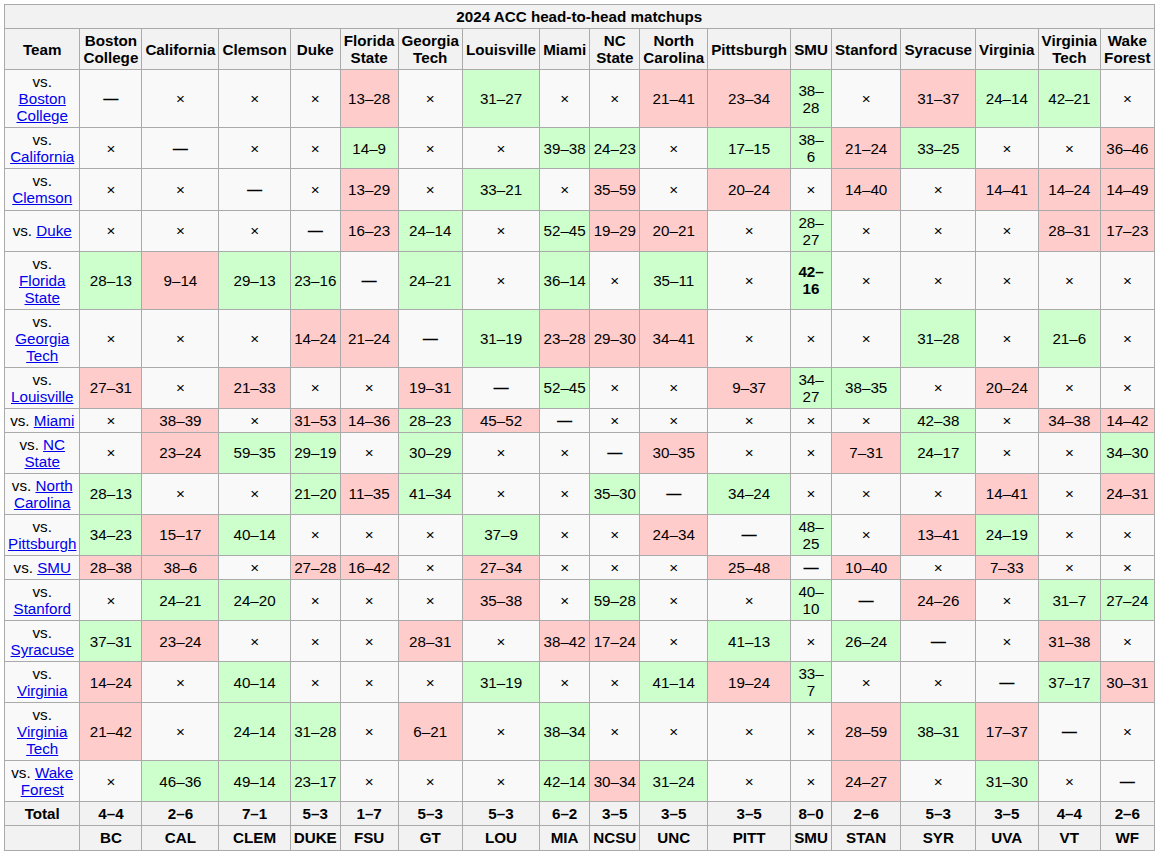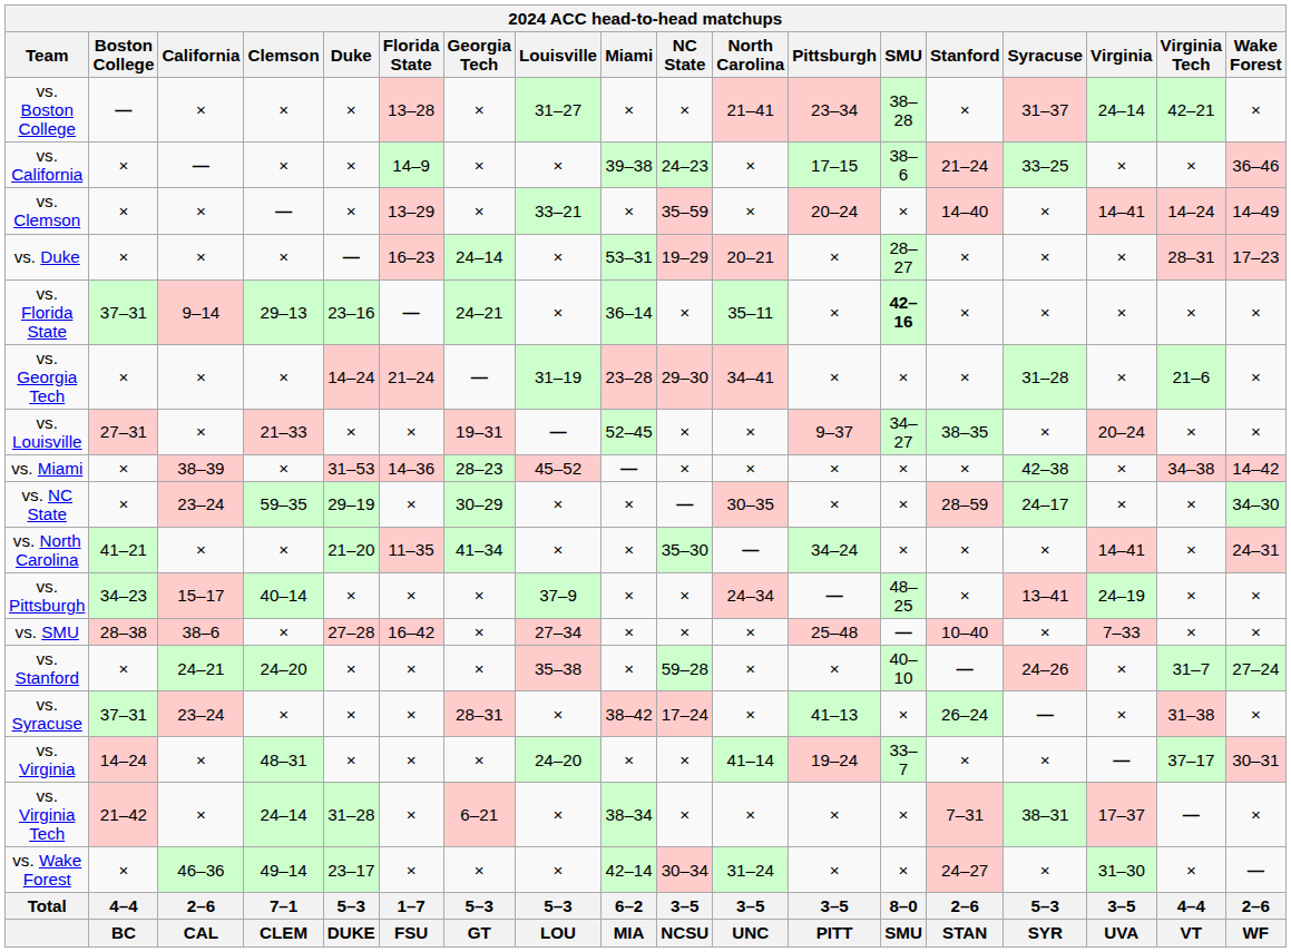 <table class="wikitable" style="font-size:95%; text-align:center;">
 <tr>
 <th colspan=18>2024 ACC head-to-head matchups</th>
 </tr>
 <tr>
 <th style="width:100px;">Team</th>
 <th>Boston College</th>
 <th>California</th>
 <th>Clemson</th>
 <th>Duke</th>
 <th>Florida State</th>
 <th>Georgia Tech</th>
 <th>Louisville</th>
 <th>Miami</th>
 <th>NC State</th>
 <th>North Carolina</th>
 <th>Pittsburgh</th>
 <th>SMU</th>
 <th>Stanford</th>
 <th>Syracuse</th>
 <th>Virginia</th>
 <th>Virginia Tech</th>
 <th>Wake Forest</th>
 </tr>
 <tr>
 <td>vs. <a href='#'>Boston College</a></td>
 <td><strong>—</strong></td>
 <td>×</td>
 <td>×</td>
 <td>×</td>
 <td bgcolor=#fcc>13–28</td>
 <td>×</td>
 <td bgcolor=#cfc>31–27</td>
 <td>×</td>
 <td>×</td>
 <td bgcolor=#fcc>21–41</td>
 <td bgcolor=#fcc>23–34</td>
 <td bgcolor=#cfc>38–28</td>
 <td>×</td>
 <td bgcolor=#fcc>31–37</td>
 <td bgcolor=#cfc>24–14</td>
 <td bgcolor=#cfc>42–21</td>
 <td>×</td>
 </tr>
 <tr>
 <td>vs. <a href='#'>California</a></td>
 <td>×</td>
 <td><strong>—</strong></td>
 <td>×</td>
 <td>×</td>
 <td bgcolor=#cfc>14–9</td>
 <td>×</td>
 <td>×</td>
 <td bgcolor=#cfc>39–38</td>
 <td bgcolor=#cfc>24–23</td>
 <td>×</td>
 <td bgcolor=#cfc>17–15</td>
 <td bgcolor=#cfc>38–6</td>
 <td bgcolor=#fcc>21–24</td>
 <td bgcolor=#cfc>33–25</td>
 <td>×</td>
 <td>×</td>
 <td bgcolor=#fcc>36–46</td>
 </tr>
 <tr>
 <td>vs. <a href='#'>Clemson</a></td>
 <td>×</td>
 <td>×</td>
 <td><strong>—</strong></td>
 <td>×</td>
 <td bgcolor=#fcc>13–29</td>
 <td>×</td>
 <td bgcolor=#cfc>33–21</td>
 <td>×</td>
 <td bgcolor=#fcc>35–59</td>
 <td>×</td>
 <td bgcolor=#fcc>20–24</td>
 <td>×</td>
 <td bgcolor=#fcc>14–40</td>
 <td>×</td>
 <td bgcolor=#fcc>14–41</td>
 <td bgcolor=#fcc>14–24</td>
 <td bgcolor=#fcc>14–49</td>
 </tr>
 <tr>
 <td>vs. <a href='#'>Duke</a></td>
 <td>×</td>
 <td>×</td>
 <td>×</td>
 <td><strong>—</strong></td>
 <td bgcolor=#fcc>16–23</td>
 <td bgcolor=#cfc>24–14</td>
 <td>×</td>
-<td bgcolor=#cfc>52–45</td>
+<td bgcolor=#cfc>53–31</td>
 <td bgcolor=#fcc>19–29</td>
 <td bgcolor=#fcc>20–21</td>
 <td>×</td>
 <td bgcolor=#cfc>28–27</td>
 <td>×</td>
 <td>×</td>
 <td>×</td>
 <td bgcolor=#fcc>28–31</td>
 <td bgcolor=#fcc>17–23</td>
 </tr>
 <tr>
 <td>vs. <a href='#'>Florida State</a></td>
-<td bgcolor=#cfc>28–13</td>
+<td bgcolor=#cfc>37–31</td>
 <td bgcolor=#fcc>9–14</td>
 <td bgcolor=#cfc>29–13</td>
 <td bgcolor=#cfc>23–16</td>
 <td><strong>—</strong></td>
 <td bgcolor=#cfc>24–21</td>
 <td>×</td>
 <td bgcolor=#cfc>36–14</td>
 <td>×</td>
 <td bgcolor=#cfc>35–11</td>
 <td>×</td>
 <td bgcolor=#cfc><strong>42–16</strong></td>
 <td>×</td>
 <td>×</td>
 <td>×</td>
 <td>×</td>
 <td>×</td>
 </tr>
 <tr>
 <td>vs. <a href='#'>Georgia Tech</a></td>
 <td>×</td>
 <td>×</td>
 <td>×</td>
 <td bgcolor=#fcc>14–24</td>
 <td bgcolor=#fcc>21–24</td>
 <td><strong>—</strong></td>
 <td bgcolor=#cfc>31–19</td>
 <td bgcolor=#fcc>23–28</td>
 <td bgcolor=#fcc>29–30</td>
 <td bgcolor=#fcc>34–41</td>
 <td>×</td>
 <td>×</td>
 <td>×</td>
 <td bgcolor=#cfc>31–28</td>
 <td>×</td>
 <td bgcolor=#cfc>21–6</td>
 <td>×</td>
 </tr>
 <tr>
 <td>vs. <a href='#'>Louisville</a></td>
 <td bgcolor=#fcc>27–31</td>
 <td>×</td>
 <td bgcolor=#fcc>21–33</td>
 <td>×</td>
 <td>×</td>
 <td bgcolor=#fcc>19–31</td>
 <td><strong>—</strong></td>
 <td bgcolor=#cfc>52–45</td>
 <td>×</td>
 <td>×</td>
 <td bgcolor=#fcc>9–37</td>
 <td bgcolor=#cfc>34–27</td>
 <td bgcolor=#cfc>38–35</td>
 <td>×</td>
 <td bgcolor=#fcc>20–24</td>
 <td>×</td>
 <td>×</td>
 </tr>
 <tr>
 <td>vs. <a href='#'>Miami</a></td>
 <td>×</td>
 <td bgcolor=#fcc>38–39</td>
 <td>×</td>
 <td bgcolor=#fcc>31–53</td>
 <td bgcolor=#fcc>14–36</td>
 <td bgcolor=#cfc>28–23</td>
 <td bgcolor=#fcc>45–52</td>
 <td><strong>—</strong></td>
 <td>×</td>
 <td>×</td>
 <td>×</td>
 <td>×</td>
 <td>×</td>
 <td bgcolor=#cfc>42–38</td>
 <td>×</td>
 <td bgcolor=#fcc>34–38</td>
 <td bgcolor=#fcc>14–42</td>
 </tr>
 <tr>
 <td>vs. <a href='#'>NC State</a></td>
 <td>×</td>
 <td bgcolor=#fcc>23–24</td>
 <td bgcolor=#cfc>59–35</td>
 <td bgcolor=#cfc>29–19</td>
 <td>×</td>
 <td bgcolor=#cfc>30–29</td>
 <td>×</td>
 <td>×</td>
 <td><strong>—</strong></td>
 <td bgcolor=#fcc>30–35</td>
 <td>×</td>
 <td>×</td>
-<td bgcolor=#fcc>7–31</td>
+<td bgcolor=#fcc>28–59</td>
 <td bgcolor=#cfc>24–17</td>
 <td>×</td>
 <td>×</td>
 <td bgcolor=#cfc>34–30</td>
 </tr>
 <tr>
 <td>vs. <a href='#'>North Carolina</a></td>
-<td bgcolor=#cfc>28–13</td>
+<td bgcolor=#cfc>41–21</td>
 <td>×</td>
 <td>×</td>
 <td bgcolor=#cfc>21–20</td>
 <td bgcolor=#fcc>11–35</td>
 <td bgcolor=#cfc>41–34</td>
 <td>×</td>
 <td>×</td>
 <td bgcolor=#cfc>35–30</td>
 <td><strong>—</strong></td>
 <td bgcolor=#cfc>34–24</td>
 <td>×</td>
 <td>×</td>
 <td>×</td>
 <td bgcolor=#fcc>14–41</td>
 <td>×</td>
 <td bgcolor=#fcc>24–31</td>
 </tr>
 <tr>
 <td>vs. <a href='#'>Pittsburgh</a></td>
 <td bgcolor=#cfc>34–23</td>
 <td bgcolor=#fcc>15–17</td>
 <td bgcolor=#cfc>40–14</td>
 <td>×</td>
 <td>×</td>
 <td>×</td>
 <td bgcolor=#cfc>37–9</td>
 <td>×</td>
 <td>×</td>
 <td bgcolor=#fcc>24–34</td>
 <td><strong>—</strong></td>
 <td bgcolor=#cfc>48–25</td>
 <td>×</td>
 <td bgcolor=#fcc>13–41</td>
 <td bgcolor=#cfc>24–19</td>
 <td>×</td>
 <td>×</td>
 </tr>
 <tr>
 <td>vs. <a href='#'>SMU</a></td>
 <td bgcolor=#fcc>28–38</td>
 <td bgcolor=#fcc>38–6</td>
 <td>×</td>
 <td bgcolor=#fcc>27–28</td>
 <td bgcolor=#fcc>16–42</td>
 <td>×</td>
 <td bgcolor=#fcc>27–34</td>
 <td>×</td>
 <td>×</td>
 <td>×</td>
 <td bgcolor=#fcc>25–48</td>
 <td><strong>—</strong></td>
 <td bgcolor=#fcc>10–40</td>
 <td>×</td>
 <td bgcolor=#fcc>7–33</td>
 <td>×</td>
 <td>×</td>
 </tr>
 <tr>
 <td>vs. <a href='#'>Stanford</a></td>
 <td>×</td>
 <td bgcolor=#cfc>24–21</td>
 <td bgcolor=#cfc>24–20</td>
 <td>×</td>
 <td>×</td>
 <td>×</td>
 <td bgcolor=#fcc>35–38</td>
 <td>×</td>
 <td bgcolor=#cfc>59–28</td>
 <td>×</td>
 <td>×</td>
 <td bgcolor=#cfc>40–10</td>
 <td><strong>—</strong></td>
 <td bgcolor=#fcc>24–26</td>
 <td>×</td>
 <td bgcolor=#cfc>31–7</td>
 <td bgcolor=#cfc>27–24</td>
 </tr>
 <tr>
 <td>vs. <a href='#'>Syracuse</a></td>
 <td bgcolor=#cfc>37–31</td>
 <td bgcolor=#fcc>23–24</td>
 <td>×</td>
 <td>×</td>
 <td>×</td>
 <td bgcolor=#fcc>28–31</td>
 <td>×</td>
 <td bgcolor=#fcc>38–42</td>
 <td bgcolor=#fcc>17–24</td>
 <td>×</td>
 <td bgcolor=#cfc>41–13</td>
 <td>×</td>
 <td bgcolor=#cfc>26–24</td>
 <td><strong>—</strong></td>
 <td>×</td>
 <td bgcolor=#fcc>31–38</td>
 <td>×</td>
 </tr>
 <tr>
 <td>vs. <a href='#'>Virginia</a></td>
 <td bgcolor=#fcc>14–24</td>
 <td>×</td>
-<td bgcolor=#cfc>40–14</td>
+<td bgcolor=#cfc>48–31</td>
 <td>×</td>
 <td>×</td>
 <td>×</td>
-<td bgcolor=#cfc>31–19</td>
+<td bgcolor=#cfc>24–20</td>
 <td>×</td>
 <td>×</td>
 <td bgcolor=#cfc>41–14</td>
 <td bgcolor=#fcc>19–24</td>
 <td bgcolor=#cfc>33–7</td>
 <td>×</td>
 <td>×</td>
 <td><strong>—</strong></td>
 <td bgcolor=#cfc>37–17</td>
 <td bgcolor=#fcc>30–31</td>
 </tr>
 <tr>
 <td>vs. <a href='#'>Virginia Tech</a></td>
 <td bgcolor=#fcc>21–42</td>
 <td>×</td>
 <td bgcolor=#cfc>24–14</td>
 <td bgcolor=#cfc>31–28</td>
 <td>×</td>
 <td bgcolor=#fcc>6–21</td>
 <td>×</td>
 <td bgcolor=#cfc>38–34</td>
 <td>×</td>
 <td>×</td>
 <td>×</td>
 <td>×</td>
-<td bgcolor=#fcc>28–59</td>
+<td bgcolor=#fcc>7–31</td>
 <td bgcolor=#cfc>38–31</td>
 <td bgcolor=#fcc>17–37</td>
 <td><strong>—</strong></td>
 <td>×</td>
 </tr>
 <tr>
 <td>vs. <a href='#'>Wake Forest</a></td>
 <td>×</td>
 <td bgcolor=#cfc>46–36</td>
 <td bgcolor=#cfc>49–14</td>
 <td bgcolor=#cfc>23–17</td>
 <td>×</td>
 <td>×</td>
 <td>×</td>
 <td bgcolor=#cfc>42–14</td>
 <td bgcolor=#fcc>30–34</td>
 <td bgcolor=#cfc>31–24</td>
 <td>×</td>
 <td>×</td>
 <td bgcolor=#fcc>24–27</td>
 <td>×</td>
 <td bgcolor=#cfc>31–30</td>
 <td>×</td>
 <td><strong>—</strong></td>
 </tr>
 <tr style="text-align:center;">
 <th>Total</th>
 <th>4–4</th>
 <th>2–6</th>
 <th>7–1</th>
 <th>5–3</th>
 <th>1–7</th>
 <th>5–3</th>
 <th>5–3</th>
 <th>6–2</th>
 <th>3–5</th>
 <th>3–5</th>
 <th>3–5</th>
 <th>8–0</th>
 <th>2–6</th>
 <th>5–3</th>
 <th>3–5</th>
 <th>4–4</th>
 <th>2–6</th>
 </tr>
 <tr>
 <th style="width:100px;"></th>
 <th>BC</th>
 <th>CAL</th>
 <th>CLEM</th>
 <th>DUKE</th>
 <th>FSU</th>
 <th>GT</th>
 <th>LOU</th>
 <th>MIA</th>
 <th>NCSU</th>
 <th>UNC</th>
 <th>PITT</th>
 <th>SMU</th>
 <th>STAN</th>
 <th>SYR</th>
 <th>UVA</th>
 <th>VT</th>
 <th>WF</th>
 </tr>
 </table>
